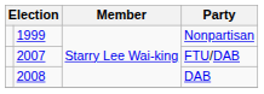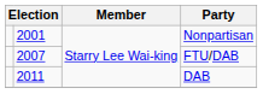 <table class="wikitable">
 <tr>
 <th colspan="2">Election</th>
 <th>Member</th>
 <th>Party</th>
 </tr>
 <tr>
 <td style="background-color: "></td>
-<td><a href='#'>1999</a></td>
+<td><a href='#'>2001</a></td>
 <td rowspan=3><a href='#'>Starry Lee Wai-king</a></td>
 <td><a href='#'>Nonpartisan</a></td>
 </tr>
 <tr>
 <td style="background-color: "></td>
 <td><a href='#'>2007</a></td>
 <td><a href='#'>FTU</a>/<a href='#'>DAB</a></td>
 </tr>
 <tr>
 <td style="background-color: "></td>
-<td><a href='#'>2008</a></td>
+<td><a href='#'>2011</a></td>
 <td><a href='#'>DAB</a></td>
 </tr>
 <tr>
 </tr>
 </table>
